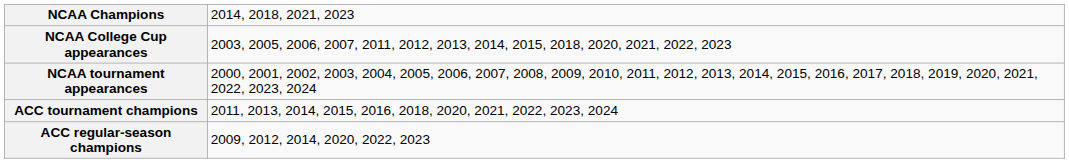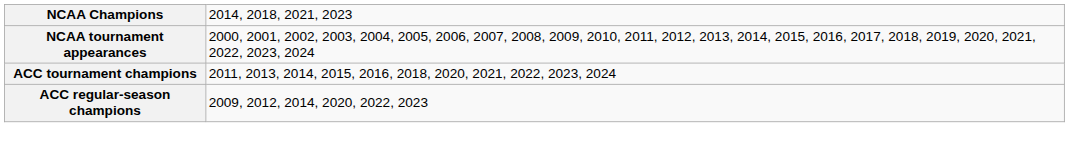 <table class="wikitable">
 <tr>
 <th>NCAA Champions</th>
 <td>2014, 2018, 2021, 2023</td>
-</tr>
-<tr>
-<th>NCAA College Cup appearances</th>
-<td>2003, 2005, 2006, 2007, 2011, 2012, 2013, 2014, 2015, 2018, 2020, 2021, 2022, 2023</td>
 </tr>
 <tr>
 <th>NCAA tournament appearances</th>
 <td>2000, 2001, 2002, 2003, 2004, 2005, 2006, 2007, 2008, 2009, 2010, 2011, 2012, 2013, 2014, 2015, 2016, 2017, 2018, 2019, 2020, 2021, 2022, 2023, 2024</td>
 </tr>
 <tr>
 <th>ACC tournament champions</th>
 <td>2011, 2013, 2014, 2015, 2016, 2018, 2020, 2021, 2022, 2023, 2024</td>
 </tr>
 <tr>
 <th>ACC regular-season champions</th>
 <td>2009, 2012, 2014, 2020, 2022, 2023</td>
 </tr>
 </table>
